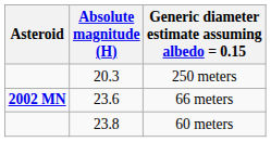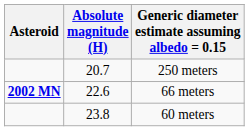 <table class="wikitable" style=" text-align:center; font-size:0.9em">
 <tr>
 <th>Asteroid</th>
 <th><a href='#'>Absolute<br>magnitude<br>(H)</a></th>
 <th>Generic diameter<br>estimate assuming<br><a href='#'>albedo</a> = 0.15</th>
 </tr>
 <tr>
 <td></td>
-<td>20.3</td>
+<td>20.7</td>
 <td>250 meters</td>
 </tr>
 <tr>
 <td><strong><a href='#'>2002 MN</a></strong></td>
-<td>23.6</td>
+<td>22.6</td>
 <td>66 meters</td>
 </tr>
 <tr>
 <td></td>
 <td>23.8</td>
 <td>60 meters</td>
 </tr>
 </table>
